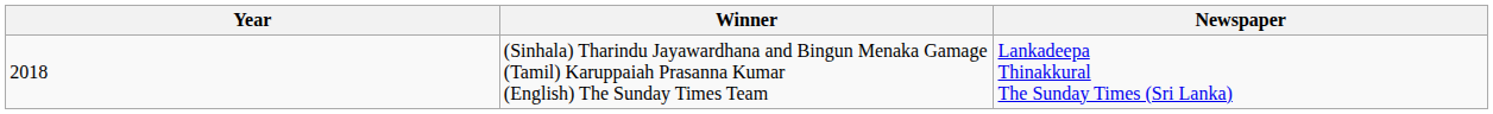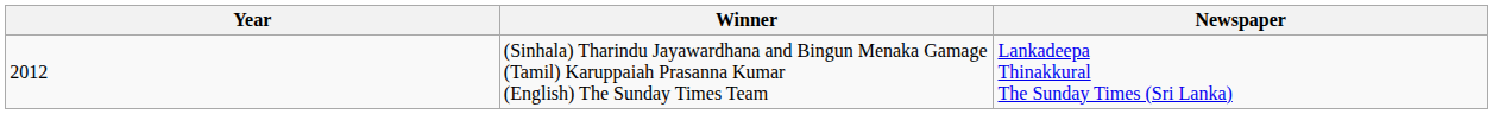 <table class="wikitable sortable mw-collapsible mw-collapsed">
 <tr>
 <th width="33%">Year</th>
 <th width="33%">Winner</th>
 <th width="33%">Newspaper</th>
 </tr>
 <tr>
-<td>2018</td>
+<td>2012</td>
 <td>(Sinhala) Tharindu Jayawardhana and Bingun Menaka Gamage<br>(Tamil) Karuppaiah Prasanna Kumar<br>(English) The Sunday Times Team</td>
 <td><a href='#'>Lankadeepa</a><br><a href='#'>Thinakkural</a><br><a href='#'>The Sunday Times (Sri Lanka)</a></td>
 </tr>
 </table>
